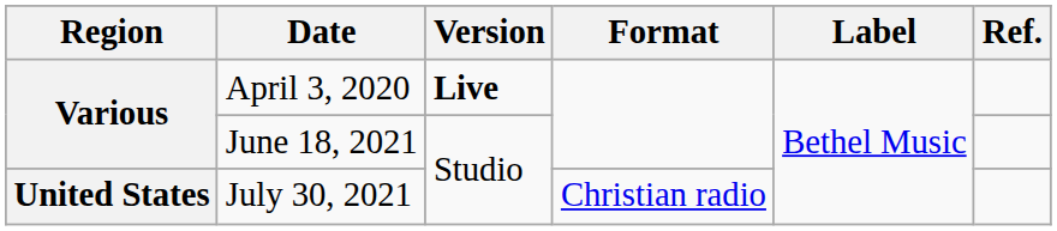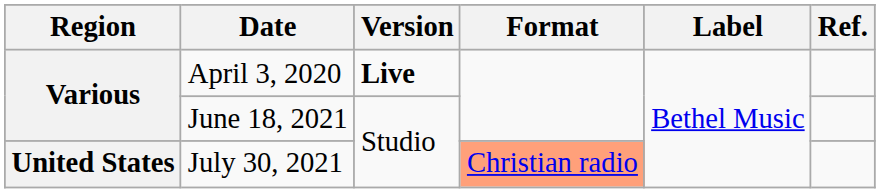 <table class="wikitable plainrowheaders">
 <tr>
 <th scope="col">Region</th>
 <th scope="col">Date</th>
 <th scope="col">Version</th>
 <th scope="col">Format</th>
 <th scope="col">Label</th>
 <th scope="col">Ref.</th>
 </tr>
 <tr>
 <th scope="row" rowspan="2">Various</th>
 <td>April 3, 2020</td>
 <td><strong>Live</strong></td>
 <td rowspan="2"></td>
 <td rowspan="3"><a href='#'>Bethel Music</a></td>
 <td></td>
 </tr>
 <tr>
 <td>June 18, 2021</td>
 <td rowspan="2">Studio</td>
 <td></td>
 </tr>
 <tr>
 <th scope="row">United States</th>
 <td>July 30, 2021</td>
-<td><a href='#'>Christian radio</a></td>
+<td style="background: lightsalmon;"><a href='#'>Christian radio</a></td>
 <td></td>
 </tr>
 </table>
